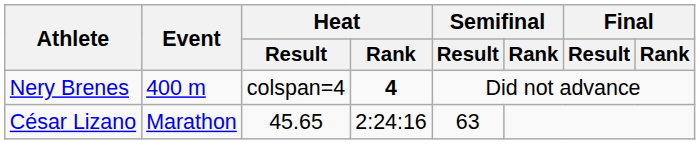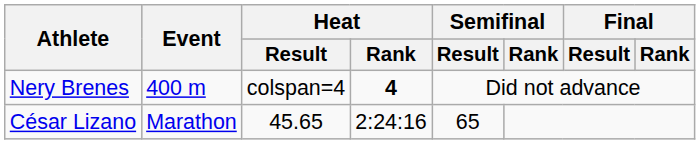 <table class="wikitable" style="font-size:90%">
 <tr>
 <th rowspan="2">Athlete</th>
 <th rowspan="2">Event</th>
 <th colspan="2">Heat</th>
 <th colspan="2">Semifinal</th>
 <th colspan="2">Final</th>
 </tr>
 <tr style="font-size:95%">
 <th>Result</th>
 <th>Rank</th>
 <th>Result</th>
 <th>Rank</th>
 <th>Result</th>
 <th>Rank</th>
 </tr>
 <tr align=center>
 <td align=left><a href='#'>Nery Brenes</a></td>
 <td align=left><a href='#'>400 m</a></td>
 <td>colspan=4 </td>
 <td><strong>4</strong></td>
 <td colspan="4" align=center>Did not advance</td>
 </tr>
 <tr align=center>
 <td align=left><a href='#'>César Lizano</a></td>
 <td align=left><a href='#'>Marathon</a></td>
 <td>45.65</td>
 <td>2:24:16</td>
-<td>63</td>
+<td>65</td>
 </tr>
 </table>
